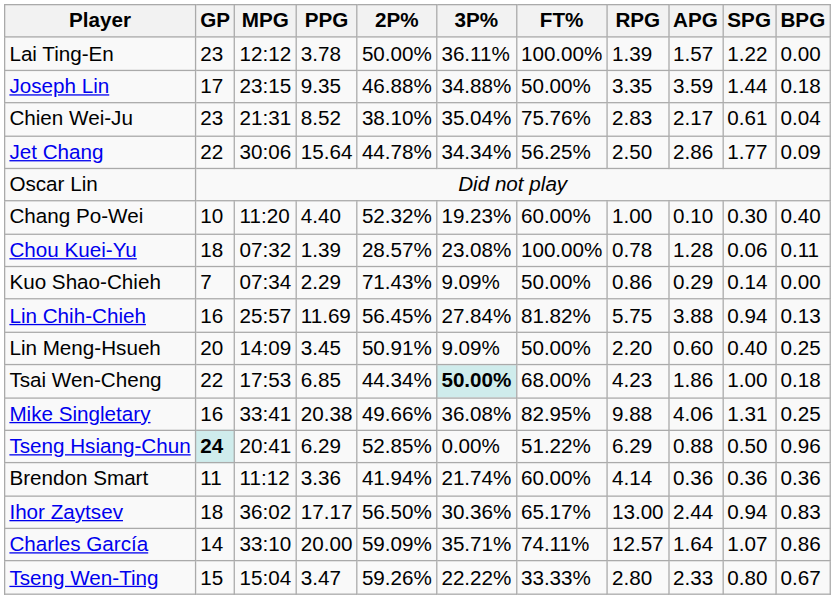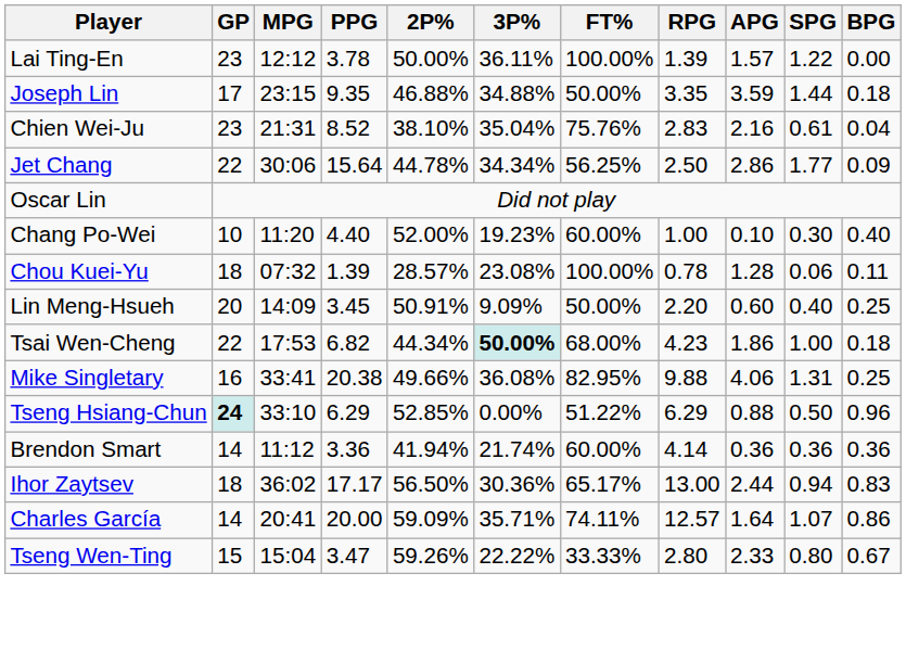 <table class="wikitable">
 <tr>
 <th>Player</th>
 <th>GP</th>
 <th>MPG</th>
 <th>PPG</th>
 <th>2P%</th>
 <th>3P%</th>
 <th>FT%</th>
 <th>RPG</th>
 <th>APG</th>
 <th>SPG</th>
 <th>BPG</th>
 </tr>
 <tr>
 <td>Lai Ting-En</td>
 <td>23</td>
 <td>12:12</td>
 <td>3.78</td>
 <td>50.00%</td>
 <td>36.11%</td>
 <td>100.00%</td>
 <td>1.39</td>
 <td>1.57</td>
 <td>1.22</td>
 <td>0.00</td>
 </tr>
 <tr>
 <td><a href='#'>Joseph Lin</a></td>
 <td>17</td>
 <td>23:15</td>
 <td>9.35</td>
 <td>46.88%</td>
 <td>34.88%</td>
 <td>50.00%</td>
 <td>3.35</td>
 <td>3.59</td>
 <td>1.44</td>
 <td>0.18</td>
 </tr>
 <tr>
 <td>Chien Wei-Ju</td>
 <td>23</td>
 <td>21:31</td>
 <td>8.52</td>
 <td>38.10%</td>
 <td>35.04%</td>
 <td>75.76%</td>
 <td>2.83</td>
-<td>2.17</td>
+<td>2.16</td>
 <td>0.61</td>
 <td>0.04</td>
 </tr>
 <tr>
 <td><a href='#'>Jet Chang</a></td>
 <td>22</td>
 <td>30:06</td>
 <td>15.64</td>
 <td>44.78%</td>
 <td>34.34%</td>
 <td>56.25%</td>
 <td>2.50</td>
 <td>2.86</td>
 <td>1.77</td>
 <td>0.09</td>
 </tr>
 <tr>
 <td>Oscar Lin</td>
 <td colspan=10 align=center><em>Did not play</em></td>
 </tr>
 <tr>
 <td>Chang Po-Wei</td>
 <td>10</td>
 <td>11:20</td>
 <td>4.40</td>
-<td>52.32%</td>
+<td>52.00%</td>
 <td>19.23%</td>
 <td>60.00%</td>
 <td>1.00</td>
 <td>0.10</td>
 <td>0.30</td>
 <td>0.40</td>
 </tr>
 <tr>
 <td><a href='#'>Chou Kuei-Yu</a></td>
 <td>18</td>
 <td>07:32</td>
 <td>1.39</td>
 <td>28.57%</td>
 <td>23.08%</td>
 <td>100.00%</td>
 <td>0.78</td>
 <td>1.28</td>
 <td>0.06</td>
 <td>0.11</td>
 </tr>
 <tr>
-<td>Kuo Shao-Chieh</td>
-<td>7</td>
-<td>07:34</td>
-<td>2.29</td>
-<td>71.43%</td>
-<td>9.09%</td>
-<td>50.00%</td>
-<td>0.86</td>
-<td>0.29</td>
-<td>0.14</td>
-<td>0.00</td>
-</tr>
-<tr>
-<td><a href='#'>Lin Chih-Chieh</a></td>
-<td>16</td>
-<td>25:57</td>
-<td>11.69</td>
-<td>56.45%</td>
-<td>27.84%</td>
-<td>81.82%</td>
-<td>5.75</td>
-<td>3.88</td>
-<td>0.94</td>
-<td>0.13</td>
-</tr>
-<tr>
 <td>Lin Meng-Hsueh</td>
 <td>20</td>
 <td>14:09</td>
 <td>3.45</td>
 <td>50.91%</td>
 <td>9.09%</td>
 <td>50.00%</td>
 <td>2.20</td>
 <td>0.60</td>
 <td>0.40</td>
 <td>0.25</td>
 </tr>
 <tr>
 <td>Tsai Wen-Cheng</td>
 <td>22</td>
 <td>17:53</td>
-<td>6.85</td>
+<td>6.82</td>
 <td>44.34%</td>
 <td style="background-color: #CFECEC"><strong>50.00%</strong></td>
 <td>68.00%</td>
 <td>4.23</td>
 <td>1.86</td>
 <td>1.00</td>
 <td>0.18</td>
 </tr>
 <tr>
 <td><a href='#'>Mike Singletary</a></td>
 <td>16</td>
 <td>33:41</td>
 <td>20.38</td>
 <td>49.66%</td>
 <td>36.08%</td>
 <td>82.95%</td>
 <td>9.88</td>
 <td>4.06</td>
 <td>1.31</td>
 <td>0.25</td>
 </tr>
 <tr>
 <td><a href='#'>Tseng Hsiang-Chun</a></td>
 <td style="background-color: #CFECEC"><strong>24</strong></td>
-<td>20:41</td>
+<td>33:10</td>
 <td>6.29</td>
 <td>52.85%</td>
 <td>0.00%</td>
 <td>51.22%</td>
 <td>6.29</td>
 <td>0.88</td>
 <td>0.50</td>
 <td>0.96</td>
 </tr>
 <tr>
 <td>Brendon Smart</td>
-<td>11</td>
+<td>14</td>
 <td>11:12</td>
 <td>3.36</td>
 <td>41.94%</td>
 <td>21.74%</td>
 <td>60.00%</td>
 <td>4.14</td>
 <td>0.36</td>
 <td>0.36</td>
 <td>0.36</td>
 </tr>
 <tr>
 <td><a href='#'>Ihor Zaytsev</a></td>
 <td>18</td>
 <td>36:02</td>
 <td>17.17</td>
 <td>56.50%</td>
 <td>30.36%</td>
 <td>65.17%</td>
 <td>13.00</td>
 <td>2.44</td>
 <td>0.94</td>
 <td>0.83</td>
 </tr>
 <tr>
 <td><a href='#'>Charles García</a></td>
 <td>14</td>
-<td>33:10</td>
+<td>20:41</td>
 <td>20.00</td>
 <td>59.09%</td>
 <td>35.71%</td>
 <td>74.11%</td>
 <td>12.57</td>
 <td>1.64</td>
 <td>1.07</td>
 <td>0.86</td>
 </tr>
 <tr>
 <td><a href='#'>Tseng Wen-Ting</a></td>
 <td>15</td>
 <td>15:04</td>
 <td>3.47</td>
 <td>59.26%</td>
 <td>22.22%</td>
 <td>33.33%</td>
 <td>2.80</td>
 <td>2.33</td>
 <td>0.80</td>
 <td>0.67</td>
 </tr>
 </table>
